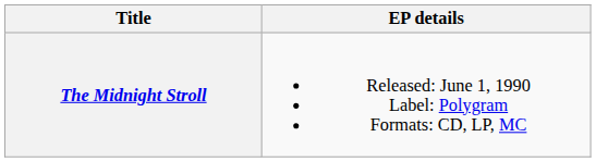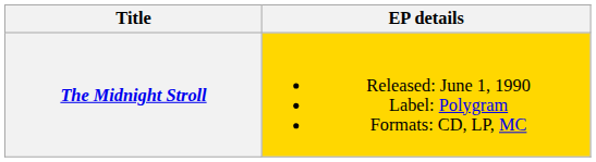 <table class="wikitable plainrowheaders" style="text-align:center;">
 <tr>
 <th scope="col" style="width:14em;">Title</th>
 <th scope="col" style="width:18em;">EP details</th>
 </tr>
 <tr>
 <th scope="row"><em><a href='#'>The Midnight Stroll</a></em></th>
-<td><br><ul><li>Released: June 1, 1990</li><li>Label: <a href='#'>Polygram</a></li><li>Formats: CD, LP, <a href='#'>MC</a></li></ul></td>
+<td style="background: gold;"><br><ul><li>Released: June 1, 1990</li><li>Label: <a href='#'>Polygram</a></li><li>Formats: CD, LP, <a href='#'>MC</a></li></ul></td>
 </tr>
 </table>
